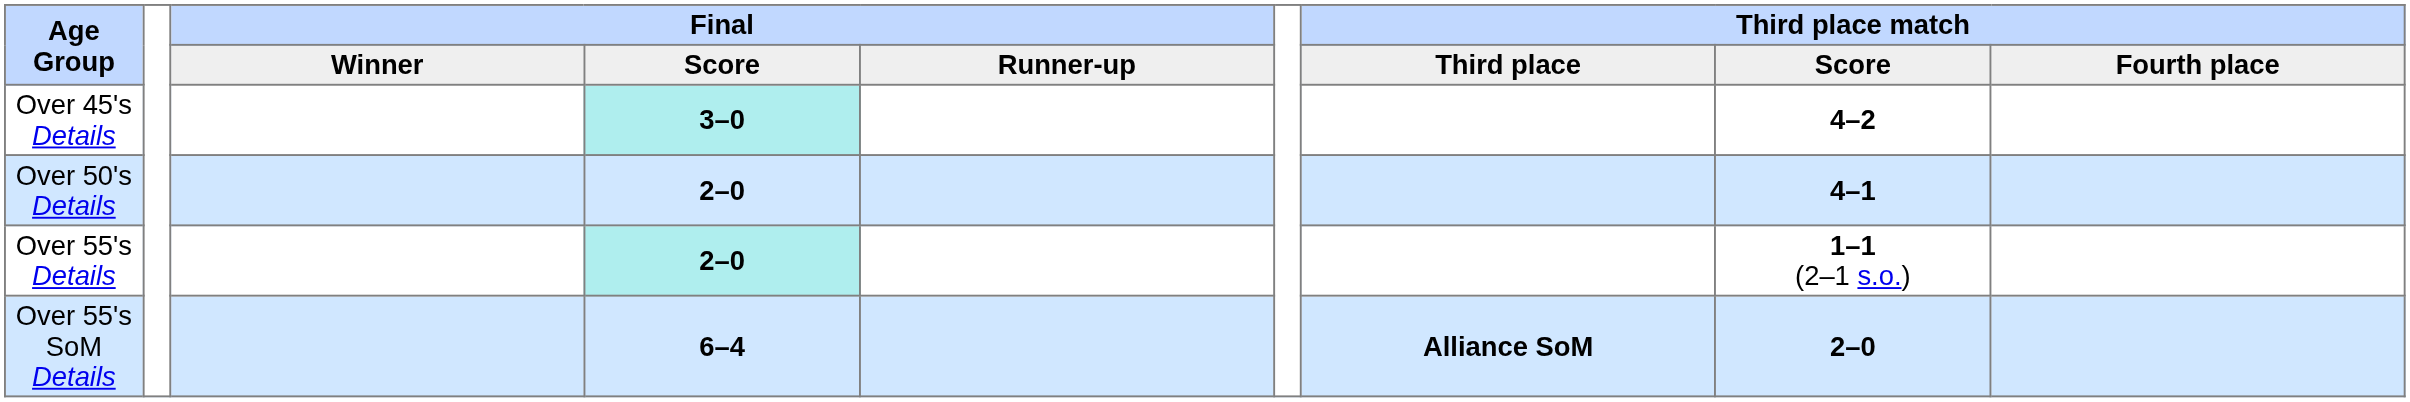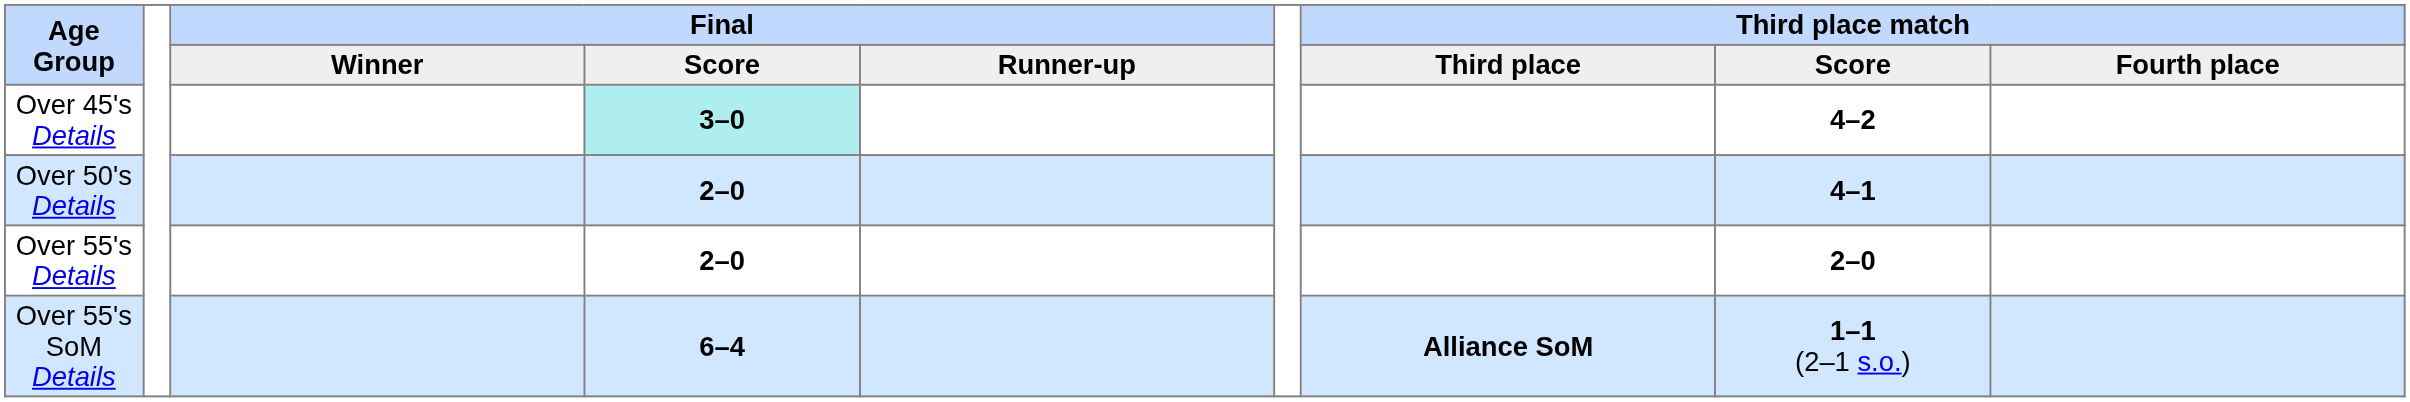 <table border=1 style="border-collapse:collapse; font-size:90%; text-align:center" cellpadding=2 cellspacing=0>
 <tr bgcolor=#C1D8FF>
 <th rowspan=2 width=5%>Age Group</th>
 <th width=1% rowspan=17 bgcolor=ffffff></th>
 <th colspan=3>Final</th>
 <th width=1% rowspan=17 bgcolor=ffffff></th>
 <th colspan=3>Third place match</th>
 </tr>
 <tr bgcolor=#EFEFEF>
 <th width=15%>Winner</th>
 <th width=10%>Score</th>
 <th width=15%>Runner-up</th>
 <th width=15%>Third place</th>
 <th width=10%>Score</th>
 <th width=15%>Fourth place</th>
 </tr>
 <tr>
 <td>Over 45's<br><em><a href='#'>Details</a></em></td>
 <td><strong></strong></td>
 <td style="background: paleturquoise;"><strong>3–0</strong></td>
 <td><strong></strong></td>
 <td><strong></strong></td>
 <td><strong>4–2</strong></td>
 <td><strong></strong></td>
 </tr>
 <tr bgcolor=#D0E7FF>
 <td>Over 50's<br><em><a href='#'>Details</a></em></td>
 <td><strong></strong></td>
 <td><strong>2–0</strong></td>
 <td><strong></strong></td>
 <td><strong></strong></td>
 <td><strong>4–1</strong></td>
 <td><strong></strong></td>
 </tr>
 <tr>
 <td>Over 55's<br><em><a href='#'>Details</a></em></td>
 <td><strong></strong></td>
-<td style="background: paleturquoise;"><strong>2–0</strong></td>
+<td><strong>2–0</strong></td>
 <td><strong></strong></td>
 <td><strong></strong></td>
-<td><strong>1–1</strong><br>(2–1 <a href='#'>s.o.</a>)</td>
+<td><strong>2–0</strong></td>
 <td><strong></strong></td>
 </tr>
 <tr bgcolor=#D0E7FF>
 <td>Over 55's SoM<br><em><a href='#'>Details</a></em></td>
 <td><strong></strong></td>
 <td><strong>6–4</strong></td>
 <td><strong></strong></td>
 <td><strong>Alliance SoM</strong></td>
-<td><strong>2–0</strong></td>
+<td><strong>1–1</strong><br>(2–1 <a href='#'>s.o.</a>)</td>
 <td><strong></strong></td>
 </tr>
 </table>
